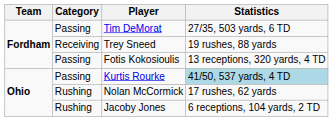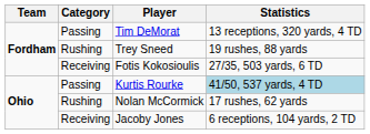 <table class="wikitable" style="float: right;">
 <tr>
 <th>Team</th>
 <th>Category</th>
 <th>Player</th>
 <th>Statistics</th>
 </tr>
 <tr>
 <td rowspan=3><strong>Fordham</strong></td>
 <td>Passing</td>
 <td><a href='#'>Tim DeMorat</a></td>
-<td>27/35, 503 yards, 6 TD</td>
+<td>13 receptions, 320 yards, 4 TD</td>
 </tr>
 <tr>
-<td>Receiving</td>
+<td>Rushing</td>
 <td>Trey Sneed</td>
 <td>19 rushes, 88 yards</td>
 </tr>
 <tr>
-<td>Passing</td>
+<td>Receiving</td>
 <td>Fotis Kokosioulis</td>
-<td>13 receptions, 320 yards, 4 TD</td>
+<td>27/35, 503 yards, 6 TD</td>
 </tr>
 <tr>
 <td rowspan=3><strong>Ohio</strong></td>
 <td>Passing</td>
 <td><a href='#'>Kurtis Rourke</a></td>
 <td style="background: lightblue;">41/50, 537 yards, 4 TD</td>
 </tr>
 <tr>
 <td>Rushing</td>
 <td>Nolan McCormick</td>
 <td>17 rushes, 62 yards</td>
 </tr>
 <tr>
-<td>Rushing</td>
+<td>Receiving</td>
 <td>Jacoby Jones</td>
 <td>6 receptions, 104 yards, 2 TD</td>
 </tr>
 </table>
